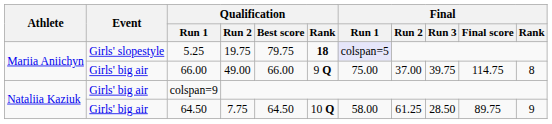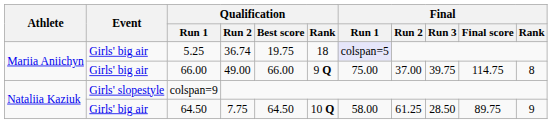 <table class="wikitable" style="font-size:90%">
 <tr>
 <th rowspan=2>Athlete</th>
 <th rowspan=2>Event</th>
 <th colspan=4>Qualification</th>
 <th colspan=5>Final</th>
 </tr>
 <tr style="font-size:95%">
 <th>Run 1</th>
 <th>Run 2</th>
 <th>Best score</th>
 <th>Rank</th>
 <th>Run 1</th>
 <th>Run 2</th>
 <th>Run 3</th>
 <th>Final score</th>
 <th>Rank</th>
 </tr>
 <tr align="center">
 <td align="left" rowspan=2><a href='#'>Mariia Aniichyn</a></td>
-<td align="left"><a href='#'>Girls' slopestyle</a></td>
+<td align="left"><a href='#'>Girls' big air</a></td>
 <td>5.25</td>
+<td>36.74</td>
 <td>19.75</td>
-<td>79.75</td>
-<td><strong>18</strong></td>
+<td>18</td>
 <td style="background: lavender;">colspan=5 </td>
 </tr>
 <tr align="center">
 <td align="left"><a href='#'>Girls' big air</a></td>
 <td>66.00</td>
 <td>49.00</td>
 <td>66.00</td>
 <td>9 <strong>Q</strong></td>
 <td>75.00</td>
 <td>37.00</td>
 <td>39.75</td>
 <td>114.75</td>
 <td>8</td>
 </tr>
 <tr align="center">
 <td align="left" rowspan=2><a href='#'>Nataliia Kaziuk</a></td>
-<td align="left"><a href='#'>Girls' big air</a></td>
+<td align="left"><a href='#'>Girls' slopestyle</a></td>
 <td>colspan=9 </td>
 </tr>
 <tr align="center">
 <td align="left"><a href='#'>Girls' big air</a></td>
 <td>64.50</td>
 <td>7.75</td>
 <td>64.50</td>
 <td>10 <strong>Q</strong></td>
 <td>58.00</td>
 <td>61.25</td>
 <td>28.50</td>
 <td>89.75</td>
 <td>9</td>
 </tr>
 </table>
